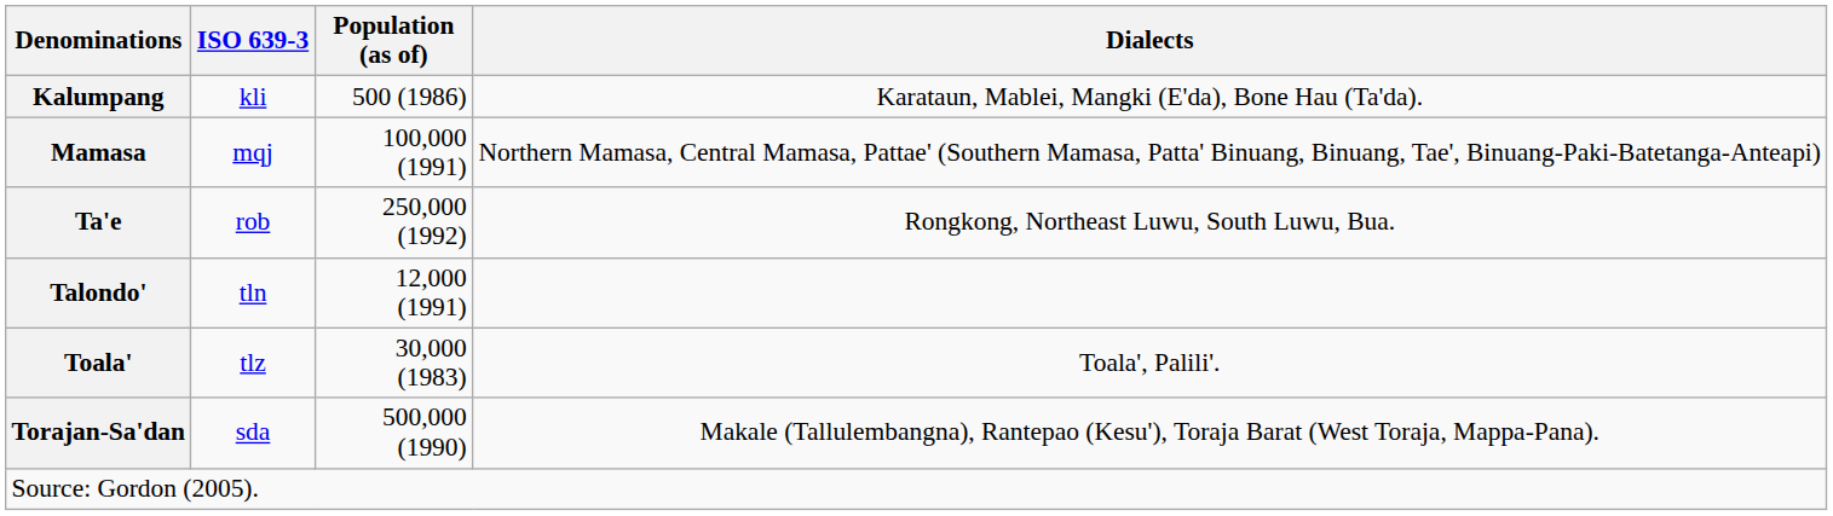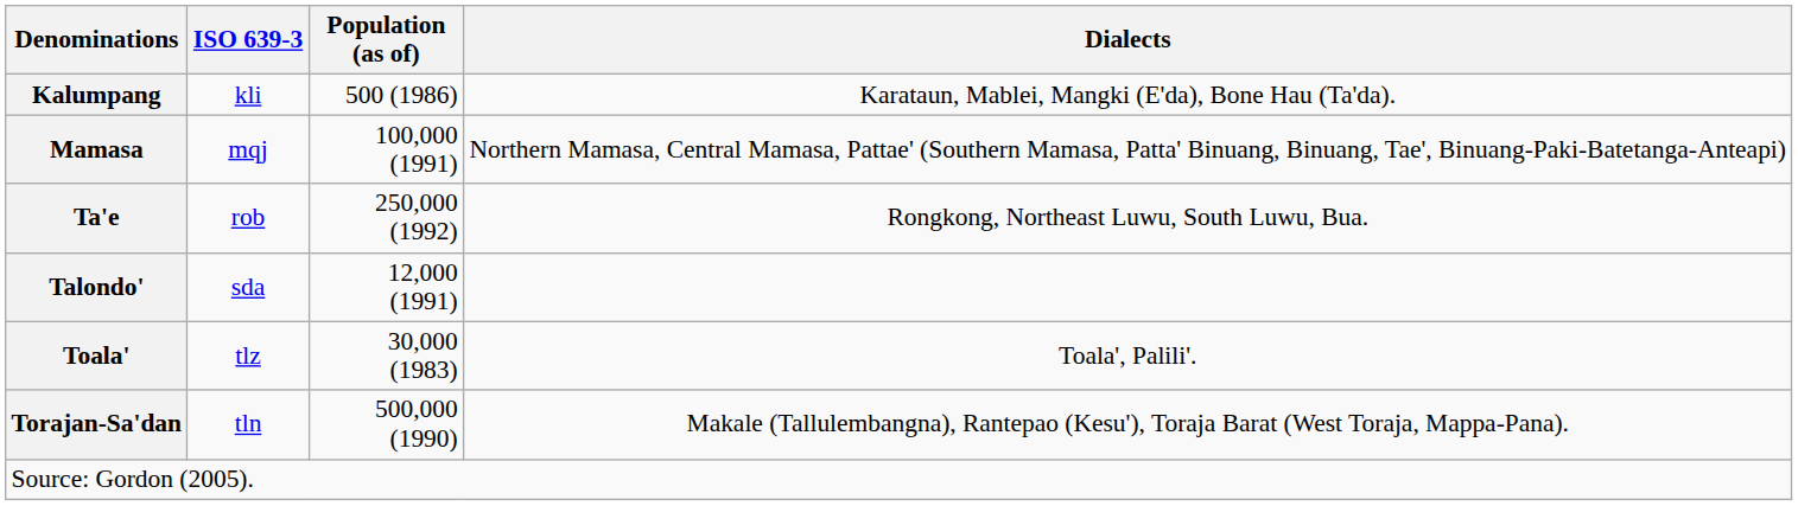 <table class="wikitable">
 <tr>
 <th>Denominations</th>
 <th><a href='#'>ISO 639-3</a></th>
 <th abbr="Population" style="width:90px;">Population (as of)</th>
 <th>Dialects</th>
 </tr>
 <tr>
 <th>Kalumpang</th>
 <td style="text-align:center;"><a href='#'>kli</a></td>
 <td style="text-align:right;">500 (1986)</td>
 <td style="text-align:center;">Karataun, Mablei, Mangki (E'da), Bone Hau (Ta'da).</td>
 </tr>
 <tr>
 <th>Mamasa</th>
 <td style="text-align:center;"><a href='#'>mqj</a></td>
 <td style="text-align:right;">100,000 (1991)</td>
 <td style="text-align:center;">Northern Mamasa, Central Mamasa, Pattae' (Southern Mamasa, Patta' Binuang, Binuang, Tae', Binuang-Paki-Batetanga-Anteapi)</td>
 </tr>
 <tr>
 <th>Ta'e</th>
 <td style="text-align:center;"><a href='#'>rob</a></td>
 <td style="text-align:right;">250,000 (1992)</td>
 <td style="text-align:center;">Rongkong, Northeast Luwu, South Luwu, Bua.</td>
 </tr>
 <tr>
 <th>Talondo'</th>
-<td style="text-align:center;"><a href='#'>tln</a></td>
+<td style="text-align:center;"><a href='#'>sda</a></td>
 <td style="text-align:right;">12,000 (1991)</td>
 <td></td>
 </tr>
 <tr>
 <th>Toala'</th>
 <td style="text-align:center;"><a href='#'>tlz</a></td>
 <td style="text-align:right;">30,000 (1983)</td>
 <td style="text-align:center;">Toala', Palili'.</td>
 </tr>
 <tr>
 <th>Torajan-Sa'dan</th>
-<td style="text-align:center;"><a href='#'>sda</a></td>
+<td style="text-align:center;"><a href='#'>tln</a></td>
 <td style="text-align:right;">500,000 (1990)</td>
 <td style="text-align:center;">Makale (Tallulembangna), Rantepao (Kesu'), Toraja Barat (West Toraja, Mappa-Pana).</td>
 </tr>
 <tr>
 <td colspan=6><span>Source: Gordon (2005).</span></td>
 </tr>
 </table>
